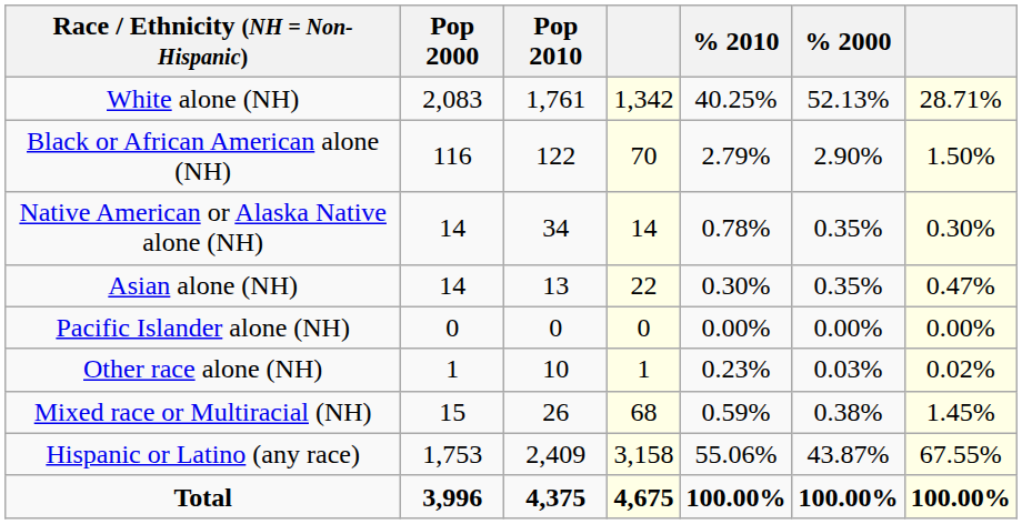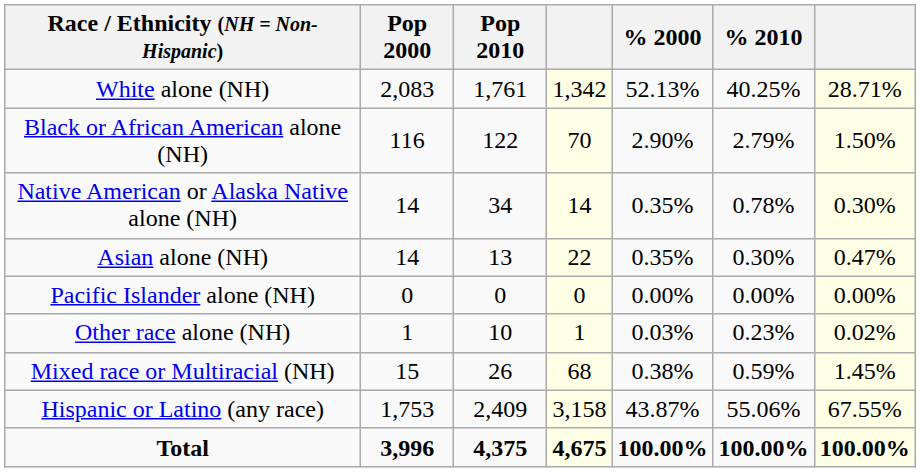 <table class="wikitable" style="text-align:center;">
 <tr>
 <th>Race / Ethnicity <small>(<em>NH = Non-Hispanic</em>)</small></th>
 <th>Pop 2000</th>
 <th>Pop 2010</th>
 <th></th>
+<th>% 2000</th>
 <th>% 2010</th>
-<th>% 2000</th>
 <th></th>
 </tr>
 <tr>
 <td><a href='#'>White</a> alone (NH)</td>
 <td>2,083</td>
 <td>1,761</td>
 <td style='background: #ffffe6;'>1,342</td>
+<td>52.13%</td>
 <td>40.25%</td>
-<td>52.13%</td>
 <td style='background: #ffffe6;'>28.71%</td>
 </tr>
 <tr>
 <td><a href='#'>Black or African American</a> alone (NH)</td>
 <td>116</td>
 <td>122</td>
 <td style='background: #ffffe6;'>70</td>
+<td>2.90%</td>
 <td>2.79%</td>
-<td>2.90%</td>
 <td style='background: #ffffe6;'>1.50%</td>
 </tr>
 <tr>
 <td><a href='#'>Native American</a> or <a href='#'>Alaska Native</a> alone (NH)</td>
 <td>14</td>
 <td>34</td>
 <td style='background: #ffffe6;'>14</td>
+<td>0.35%</td>
 <td>0.78%</td>
-<td>0.35%</td>
 <td style='background: #ffffe6;'>0.30%</td>
 </tr>
 <tr>
 <td><a href='#'>Asian</a> alone (NH)</td>
 <td>14</td>
 <td>13</td>
 <td style='background: #ffffe6;'>22</td>
+<td>0.35%</td>
 <td>0.30%</td>
-<td>0.35%</td>
 <td style='background: #ffffe6;'>0.47%</td>
 </tr>
 <tr>
 <td><a href='#'>Pacific Islander</a> alone (NH)</td>
 <td>0</td>
 <td>0</td>
 <td style='background: #ffffe6;'>0</td>
 <td>0.00%</td>
 <td>0.00%</td>
 <td style='background: #ffffe6;'>0.00%</td>
 </tr>
 <tr>
 <td><a href='#'>Other race</a> alone (NH)</td>
 <td>1</td>
 <td>10</td>
 <td style='background: #ffffe6;'>1</td>
+<td>0.03%</td>
 <td>0.23%</td>
-<td>0.03%</td>
 <td style='background: #ffffe6;'>0.02%</td>
 </tr>
 <tr>
 <td><a href='#'>Mixed race or Multiracial</a> (NH)</td>
 <td>15</td>
 <td>26</td>
 <td style='background: #ffffe6;'>68</td>
+<td>0.38%</td>
 <td>0.59%</td>
-<td>0.38%</td>
 <td style='background: #ffffe6;'>1.45%</td>
 </tr>
 <tr>
 <td><a href='#'>Hispanic or Latino</a> (any race)</td>
 <td>1,753</td>
 <td>2,409</td>
 <td style='background: #ffffe6;'>3,158</td>
+<td>43.87%</td>
 <td>55.06%</td>
-<td>43.87%</td>
 <td style='background: #ffffe6;'>67.55%</td>
 </tr>
 <tr>
 <td><strong>Total</strong></td>
 <td><strong>3,996</strong></td>
 <td><strong>4,375</strong></td>
 <td style='background: #ffffe6;'><strong>4,675</strong></td>
 <td><strong>100.00%</strong></td>
 <td><strong>100.00%</strong></td>
 <td style='background: #ffffe6;'><strong>100.00%</strong></td>
 </tr>
 </table>
